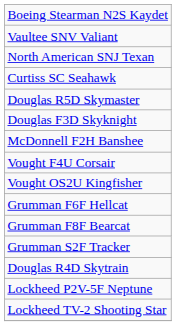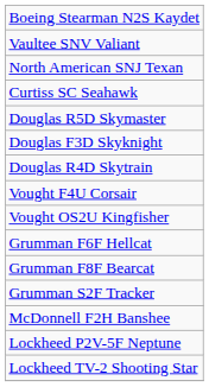 <table class="wikitable mw-collapsible mw-collapsed">
 <tr>
 <td><a href='#'>Boeing Stearman N2S Kaydet</a></td>
 </tr>
 <tr>
 <td><a href='#'>Vaultee SNV Valiant</a></td>
 </tr>
 <tr>
 <td><a href='#'>North American SNJ Texan</a></td>
 </tr>
 <tr>
 <td><a href='#'>Curtiss SC Seahawk</a></td>
 </tr>
 <tr>
 <td><a href='#'>Douglas R5D Skymaster</a></td>
 </tr>
 <tr>
 <td><a href='#'>Douglas F3D Skyknight</a></td>
 </tr>
 <tr>
-<td><a href='#'>McDonnell F2H Banshee</a></td>
+<td><a href='#'>Douglas R4D Skytrain</a></td>
 </tr>
 <tr>
 <td><a href='#'>Vought F4U Corsair</a></td>
 </tr>
 <tr>
 <td><a href='#'>Vought OS2U Kingfisher</a></td>
 </tr>
 <tr>
 <td><a href='#'>Grumman F6F Hellcat</a></td>
 </tr>
 <tr>
 <td><a href='#'>Grumman F8F Bearcat</a></td>
 </tr>
 <tr>
 <td><a href='#'>Grumman S2F Tracker</a></td>
 </tr>
 <tr>
-<td><a href='#'>Douglas R4D Skytrain</a></td>
+<td><a href='#'>McDonnell F2H Banshee</a></td>
 </tr>
 <tr>
 <td><a href='#'>Lockheed P2V-5F Neptune</a></td>
 </tr>
 <tr>
 <td><a href='#'>Lockheed TV-2 Shooting Star</a></td>
 </tr>
 <tr>
 </tr>
 </table>
